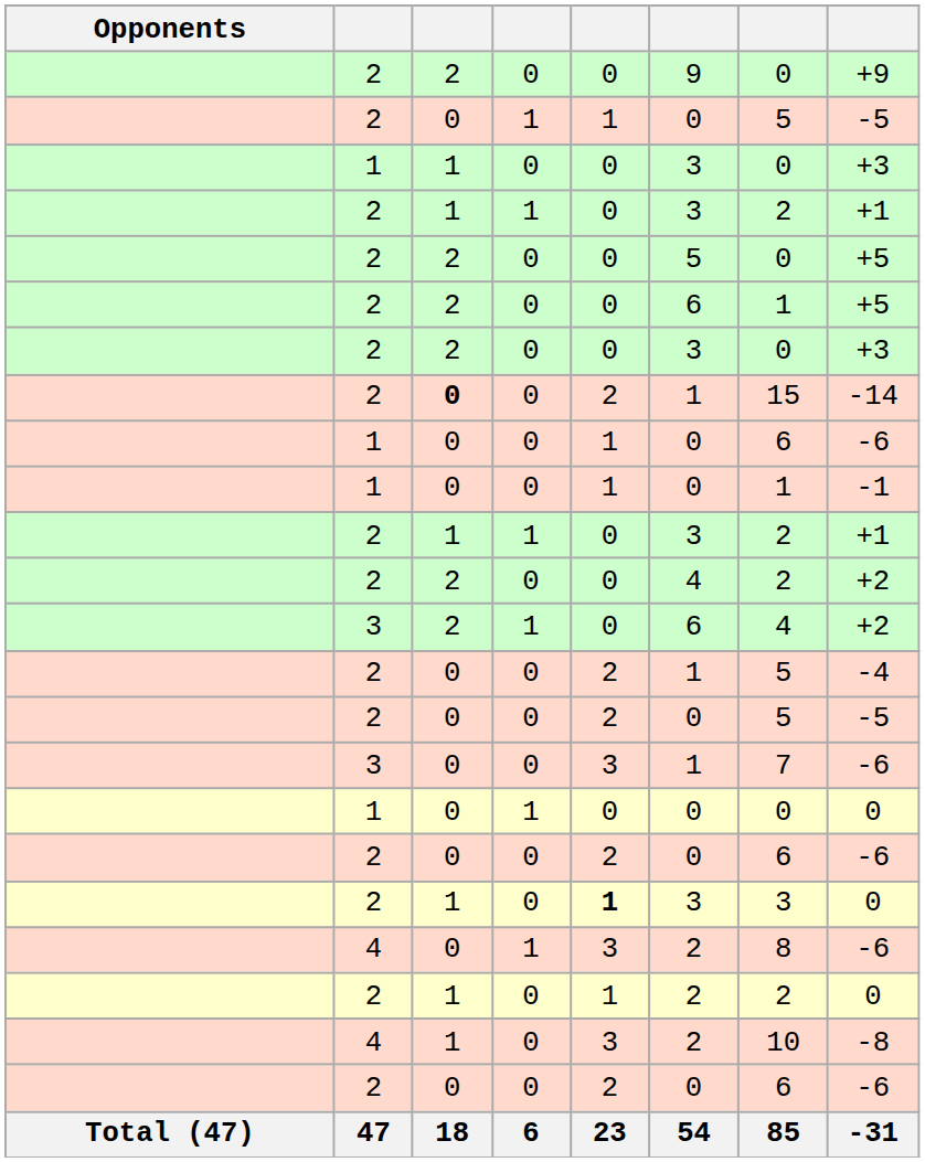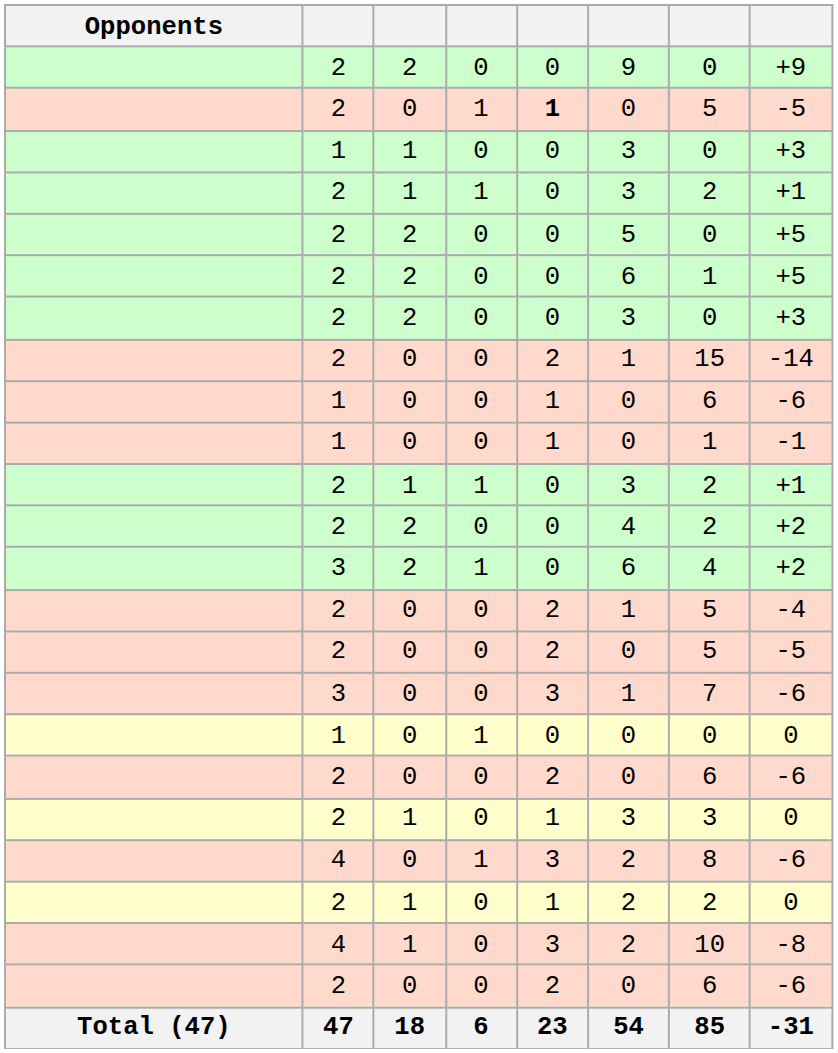 <table class="wikitable sortable" style="text-align: center; font-size: 100%;">
 <tr style="color:black;">
 <th style="width:145px;">Opponents</th>
 <th width=30></th>
 <th width=30></th>
 <th width=30></th>
 <th width=30></th>
 <th width=35></th>
 <th width=35></th>
 <th width=35></th>
 </tr>
 <tr bgcolor="#CCFFCC">
 <td style="text-align: left;"></td>
 <td>2</td>
 <td>2</td>
 <td>0</td>
 <td>0</td>
 <td>9</td>
 <td>0</td>
 <td>+9</td>
 </tr>
 <tr bgcolor="#FFDACC">
 <td style="text-align: left;"></td>
 <td>2</td>
 <td>0</td>
 <td>1</td>
-<td>1</td>
+<td><strong>1</strong></td>
 <td>0</td>
 <td>5</td>
 <td>-5</td>
 </tr>
 <tr bgcolor="#CCFFCC">
 <td style="text-align: left;"></td>
 <td>1</td>
 <td>1</td>
 <td>0</td>
 <td>0</td>
 <td>3</td>
 <td>0</td>
 <td>+3</td>
 </tr>
 <tr bgcolor="#CCFFCC">
 <td style="text-align: left;"></td>
 <td>2</td>
 <td>1</td>
 <td>1</td>
 <td>0</td>
 <td>3</td>
 <td>2</td>
 <td>+1</td>
 </tr>
 <tr bgcolor="#CCFFCC">
 <td style="text-align: left;"></td>
 <td>2</td>
 <td>2</td>
 <td>0</td>
 <td>0</td>
 <td>5</td>
 <td>0</td>
 <td>+5</td>
 </tr>
 <tr bgcolor="#CCFFCC">
 <td style="text-align: left;"></td>
 <td>2</td>
 <td>2</td>
 <td>0</td>
 <td>0</td>
 <td>6</td>
 <td>1</td>
 <td>+5</td>
 </tr>
 <tr bgcolor="#CCFFCC">
 <td style="text-align: left;"></td>
 <td>2</td>
 <td>2</td>
 <td>0</td>
 <td>0</td>
 <td>3</td>
 <td>0</td>
 <td>+3</td>
 </tr>
 <tr bgcolor="#FFDACC">
 <td style="text-align: left;"></td>
 <td>2</td>
-<td><strong>0</strong></td>
+<td>0</td>
 <td>0</td>
 <td>2</td>
 <td>1</td>
 <td>15</td>
 <td>-14</td>
 </tr>
 <tr bgcolor="#FFDACC">
 <td style="text-align: left;"></td>
 <td>1</td>
 <td>0</td>
 <td>0</td>
 <td>1</td>
 <td>0</td>
 <td>6</td>
 <td>-6</td>
 </tr>
 <tr bgcolor="#FFDACC">
 <td style="text-align: left;"></td>
 <td>1</td>
 <td>0</td>
 <td>0</td>
 <td>1</td>
 <td>0</td>
 <td>1</td>
 <td>-1</td>
 </tr>
 <tr bgcolor="#CCFFCC">
 <td style="text-align: left;"></td>
 <td>2</td>
 <td>1</td>
 <td>1</td>
 <td>0</td>
 <td>3</td>
 <td>2</td>
 <td>+1</td>
 </tr>
 <tr bgcolor="#CCFFCC">
 <td style="text-align: left;"></td>
 <td>2</td>
 <td>2</td>
 <td>0</td>
 <td>0</td>
 <td>4</td>
 <td>2</td>
 <td>+2</td>
 </tr>
 <tr bgcolor="#CCFFCC">
 <td style="text-align: left;"></td>
 <td>3</td>
 <td>2</td>
 <td>1</td>
 <td>0</td>
 <td>6</td>
 <td>4</td>
 <td>+2</td>
 </tr>
 <tr bgcolor="#FFDACC">
 <td style="text-align: left;"></td>
 <td>2</td>
 <td>0</td>
 <td>0</td>
 <td>2</td>
 <td>1</td>
 <td>5</td>
 <td>-4</td>
 </tr>
 <tr bgcolor="#FFDACC">
 <td style="text-align: left;"></td>
 <td>2</td>
 <td>0</td>
 <td>0</td>
 <td>2</td>
 <td>0</td>
 <td>5</td>
 <td>-5</td>
 </tr>
 <tr bgcolor="#FFDACC">
 <td style="text-align: left;"></td>
 <td>3</td>
 <td>0</td>
 <td>0</td>
 <td>3</td>
 <td>1</td>
 <td>7</td>
 <td>-6</td>
 </tr>
 <tr bgcolor="#FFFFCC">
 <td style="text-align: left;"></td>
 <td>1</td>
 <td>0</td>
 <td>1</td>
 <td>0</td>
 <td>0</td>
 <td>0</td>
 <td>0</td>
 </tr>
 <tr bgcolor="#FFDACC">
 <td style="text-align: left;"></td>
 <td>2</td>
 <td>0</td>
 <td>0</td>
 <td>2</td>
 <td>0</td>
 <td>6</td>
 <td>-6</td>
 </tr>
 <tr bgcolor="#FFFFCC">
 <td style="text-align: left;"></td>
 <td>2</td>
 <td>1</td>
 <td>0</td>
-<td><strong>1</strong></td>
+<td>1</td>
 <td>3</td>
 <td>3</td>
 <td>0</td>
 </tr>
 <tr bgcolor="#FFDACC">
 <td style="text-align: left;"></td>
 <td>4</td>
 <td>0</td>
 <td>1</td>
 <td>3</td>
 <td>2</td>
 <td>8</td>
 <td>-6</td>
 </tr>
 <tr bgcolor="#FFFFCC">
 <td style="text-align: left;"></td>
 <td>2</td>
 <td>1</td>
 <td>0</td>
 <td>1</td>
 <td>2</td>
 <td>2</td>
 <td>0</td>
 </tr>
 <tr bgcolor="#FFDACC">
 <td style="text-align: left;"></td>
 <td>4</td>
 <td>1</td>
 <td>0</td>
 <td>3</td>
 <td>2</td>
 <td>10</td>
 <td>-8</td>
 </tr>
 <tr bgcolor="#FFDACC">
 <td style="text-align: left;"></td>
 <td>2</td>
 <td>0</td>
 <td>0</td>
 <td>2</td>
 <td>0</td>
 <td>6</td>
 <td>-6</td>
 </tr>
 <tr>
 <th>Total (47)</th>
 <th>47</th>
 <th>18</th>
 <th>6</th>
 <th>23</th>
 <th>54</th>
 <th>85</th>
 <th>-31</th>
 </tr>
 </table>
